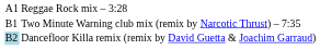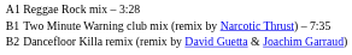 <table>
 <tr>
 <td>A1</td>
 <td>Reggae Rock mix – 3:28</td>
 </tr>
 <tr>
 <td>B1</td>
 <td>Two Minute Warning club mix (remix by <a href='#'>Narcotic Thrust</a>) – 7:35</td>
 </tr>
 <tr>
-<td style="background: lightblue;">B2</td>
+<td>B2</td>
 <td>Dancefloor Killa remix (remix by <a href='#'>David Guetta</a> & <a href='#'>Joachim Garraud</a>)</td>
 </tr>
 </table>
